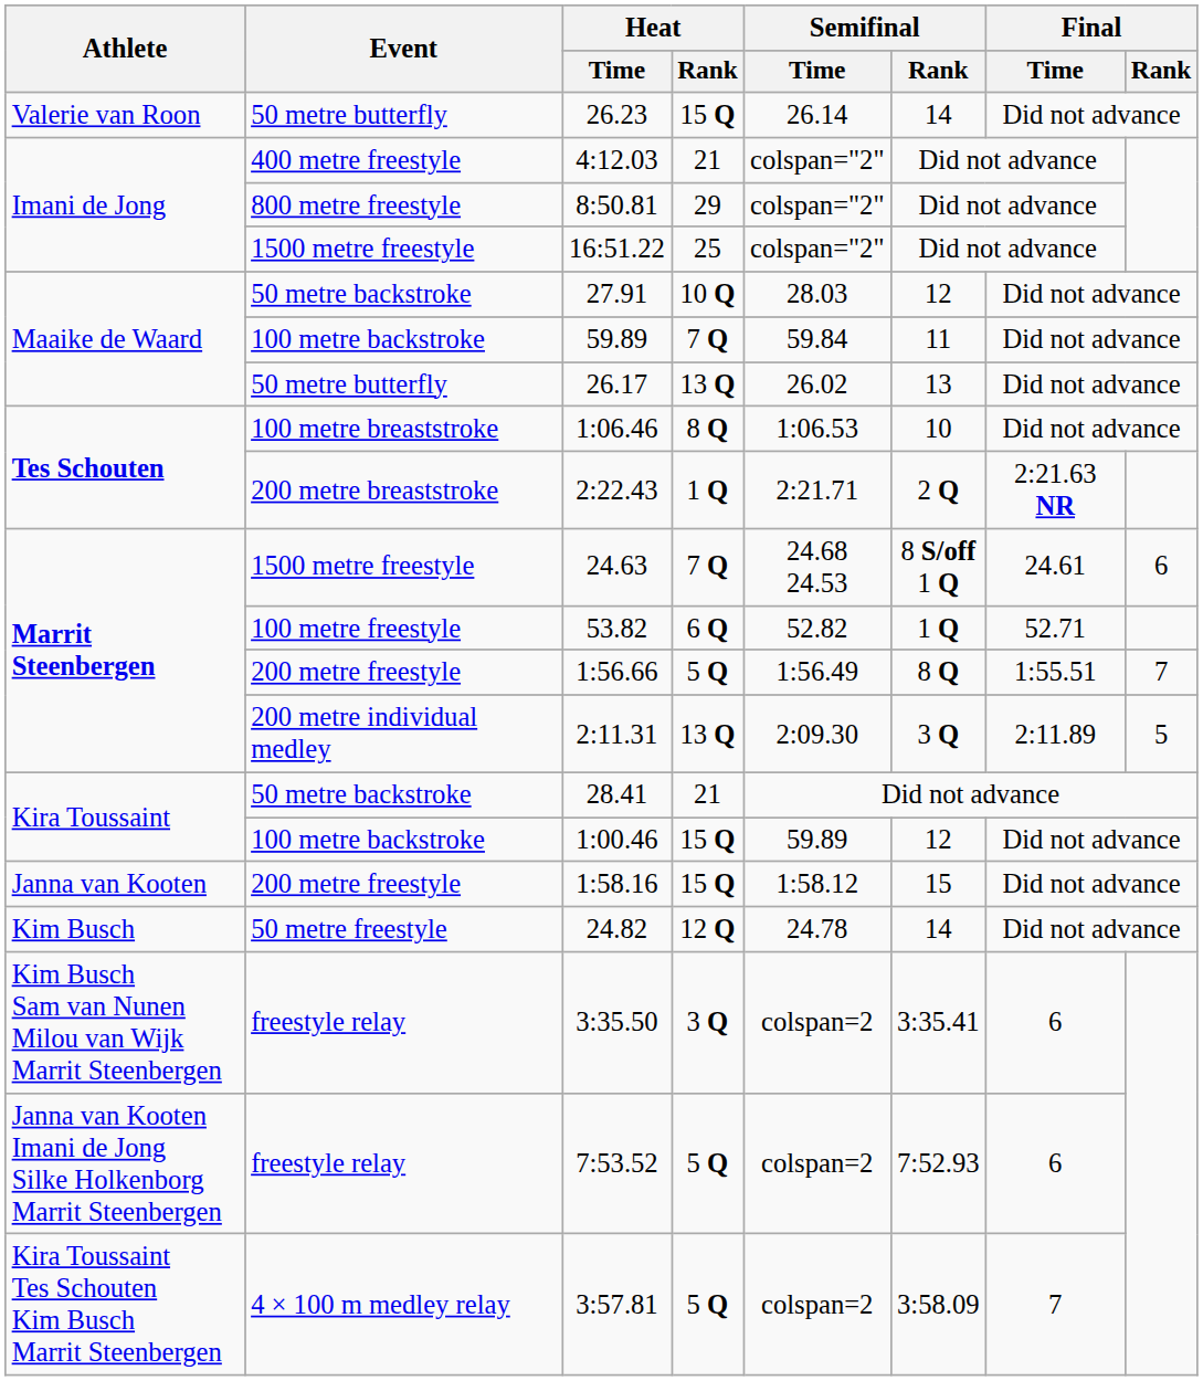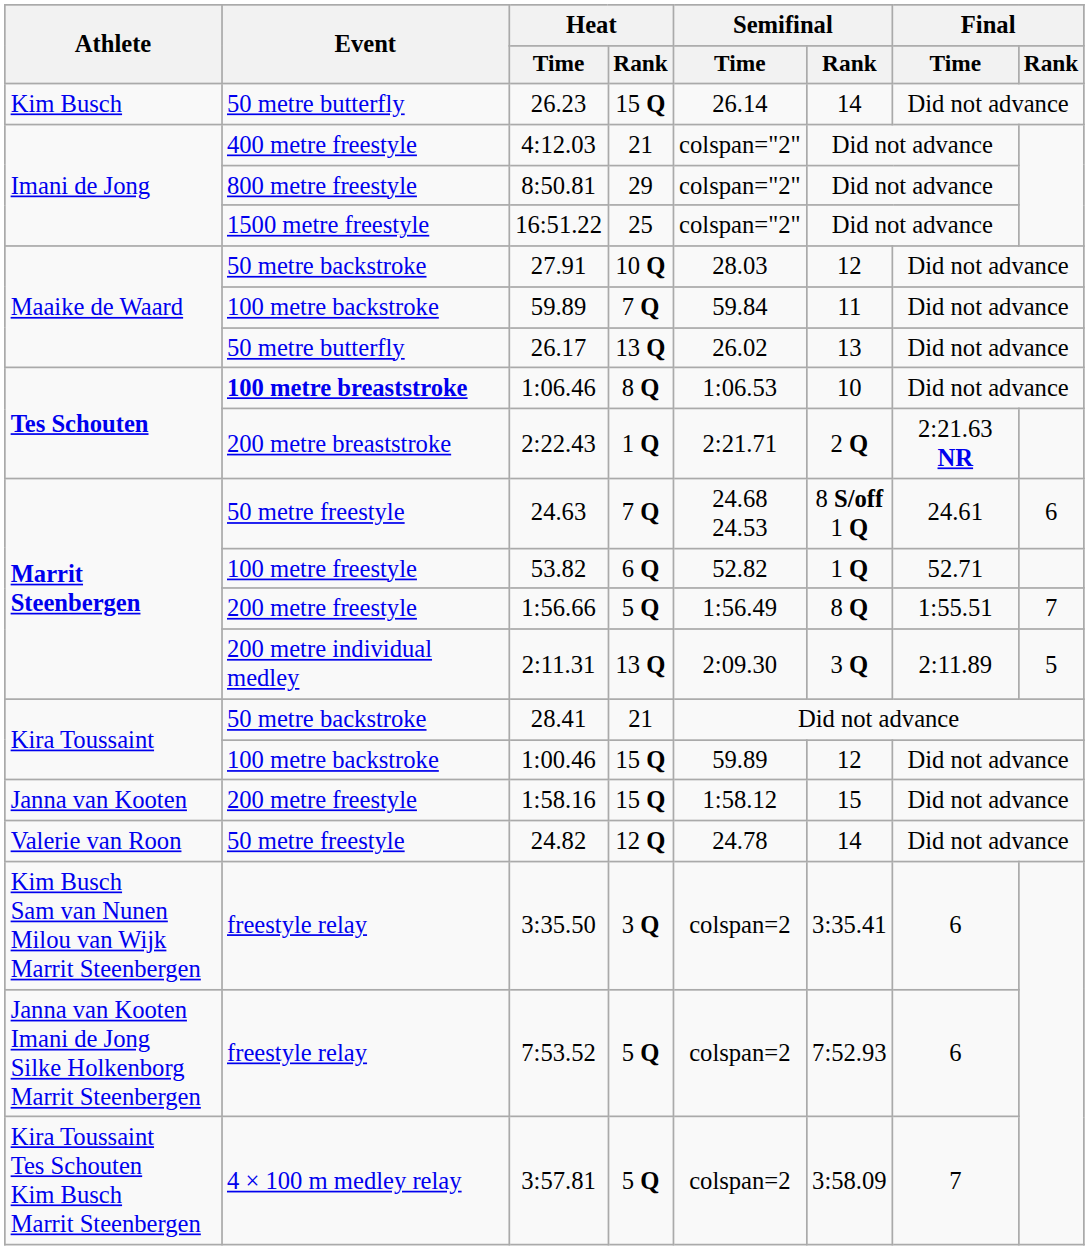 <table class="wikitable" style="text-align:center; font-size:90%; width:50%;">
 <tr>
 <th rowspan="2">Athlete</th>
 <th rowspan="2">Event</th>
 <th colspan="2">Heat</th>
 <th colspan="2">Semifinal</th>
 <th colspan="2">Final</th>
 </tr>
 <tr style="font-size:95%">
 <th>Time</th>
 <th>Rank</th>
 <th>Time</th>
 <th>Rank</th>
 <th>Time</th>
 <th>Rank</th>
 </tr>
 <tr>
-<td align=left><a href='#'>Valerie van Roon</a></td>
+<td align=left><a href='#'>Kim Busch</a></td>
 <td align=left><a href='#'>50 metre butterfly</a></td>
 <td>26.23</td>
 <td>15 <strong>Q</strong></td>
 <td>26.14</td>
 <td>14</td>
 <td colspan="2">Did not advance</td>
 </tr>
 <tr>
 <td align=left rowspan=3><a href='#'>Imani de Jong</a></td>
 <td align=left><a href='#'>400 metre freestyle</a></td>
 <td>4:12.03</td>
 <td>21</td>
 <td>colspan="2" </td>
 <td colspan="2">Did not advance</td>
 </tr>
 <tr>
 <td align=left><a href='#'>800 metre freestyle</a></td>
 <td>8:50.81</td>
 <td>29</td>
 <td>colspan="2" </td>
 <td colspan="2">Did not advance</td>
 </tr>
 <tr>
 <td align=left><a href='#'>1500 metre freestyle</a></td>
 <td>16:51.22</td>
 <td>25</td>
 <td>colspan="2" </td>
 <td colspan="2">Did not advance</td>
 </tr>
 <tr>
 <td align=left rowspan=3><a href='#'>Maaike de Waard</a></td>
 <td align=left><a href='#'>50 metre backstroke</a></td>
 <td>27.91</td>
 <td>10 <strong>Q</strong></td>
 <td>28.03</td>
 <td>12</td>
 <td colspan="2">Did not advance</td>
 </tr>
 <tr>
 <td align=left><a href='#'>100 metre backstroke</a></td>
 <td>59.89</td>
 <td>7 <strong>Q</strong></td>
 <td>59.84</td>
 <td>11</td>
 <td colspan="2">Did not advance</td>
 </tr>
 <tr>
 <td align=left><a href='#'>50 metre butterfly</a></td>
 <td>26.17</td>
 <td>13 <strong>Q</strong></td>
 <td>26.02</td>
 <td>13</td>
 <td colspan="2">Did not advance</td>
 </tr>
 <tr>
 <td align=left rowspan=2><strong><a href='#'>Tes Schouten</a></strong></td>
-<td align=left><a href='#'>100 metre breaststroke</a></td>
+<td align=left><strong><a href='#'>100 metre breaststroke</a></strong></td>
 <td>1:06.46</td>
 <td>8 <strong>Q</strong></td>
 <td>1:06.53</td>
 <td>10</td>
 <td colspan=2>Did not advance</td>
 </tr>
 <tr>
 <td align=left><a href='#'>200 metre breaststroke</a></td>
 <td>2:22.43</td>
 <td>1 <strong>Q</strong></td>
 <td>2:21.71</td>
 <td>2 <strong>Q</strong></td>
 <td>2:21.63 <strong><a href='#'>NR</a></strong></td>
 <td></td>
 </tr>
 <tr>
 <td align=left rowspan=4><strong><a href='#'>Marrit Steenbergen</a></strong></td>
-<td align=left><a href='#'>1500 metre freestyle</a></td>
+<td align=left><a href='#'>50 metre freestyle</a></td>
 <td>24.63</td>
 <td>7 <strong>Q</strong></td>
 <td>24.68<br>24.53</td>
 <td>8 <strong>S/off</strong><br>1 <strong>Q</strong></td>
 <td>24.61</td>
 <td>6</td>
 </tr>
 <tr>
 <td align=left><a href='#'>100 metre freestyle</a></td>
 <td>53.82</td>
 <td>6 <strong>Q</strong></td>
 <td>52.82</td>
 <td>1 <strong>Q</strong></td>
 <td>52.71</td>
 <td></td>
 </tr>
 <tr>
 <td align=left><a href='#'>200 metre freestyle</a></td>
 <td>1:56.66</td>
 <td>5 <strong>Q</strong></td>
 <td>1:56.49</td>
 <td>8 <strong>Q</strong></td>
 <td>1:55.51</td>
 <td>7</td>
 </tr>
 <tr>
 <td align=left><a href='#'>200 metre individual medley</a></td>
 <td>2:11.31</td>
 <td>13 <strong>Q</strong></td>
 <td>2:09.30</td>
 <td>3 <strong>Q</strong></td>
 <td>2:11.89</td>
 <td>5</td>
 </tr>
 <tr>
 <td align=left rowspan=2><a href='#'>Kira Toussaint</a></td>
 <td align=left><a href='#'>50 metre backstroke</a></td>
 <td>28.41</td>
 <td>21</td>
 <td colspan="4">Did not advance</td>
 </tr>
 <tr>
 <td align=left><a href='#'>100 metre backstroke</a></td>
 <td>1:00.46</td>
 <td>15 <strong>Q</strong></td>
 <td>59.89</td>
 <td>12</td>
 <td colspan="2">Did not advance</td>
 </tr>
 <tr>
 <td align=left><a href='#'>Janna van Kooten</a></td>
 <td align=left><a href='#'>200 metre freestyle</a></td>
 <td>1:58.16</td>
 <td>15 <strong>Q</strong></td>
 <td>1:58.12</td>
 <td>15</td>
 <td colspan="2">Did not advance</td>
 </tr>
 <tr>
-<td align=left><a href='#'>Kim Busch</a></td>
+<td align=left><a href='#'>Valerie van Roon</a></td>
 <td align=left><a href='#'>50 metre freestyle</a></td>
 <td>24.82</td>
 <td>12 <strong>Q</strong></td>
 <td>24.78</td>
 <td>14</td>
 <td colspan="2">Did not advance</td>
 </tr>
 <tr align=center>
 <td align=left><a href='#'>Kim Busch</a><br> <a href='#'>Sam van Nunen</a><br> <a href='#'>Milou van Wijk</a><br> <a href='#'>Marrit Steenbergen</a></td>
 <td align=left><a href='#'> freestyle relay</a></td>
 <td>3:35.50</td>
 <td>3 <strong>Q</strong></td>
 <td>colspan=2 </td>
 <td>3:35.41</td>
 <td>6</td>
 </tr>
 <tr>
 <td align=left><a href='#'>Janna van Kooten</a> <br><a href='#'>Imani de Jong</a> <br><a href='#'>Silke Holkenborg</a> <br><a href='#'>Marrit Steenbergen</a></td>
 <td align=left><a href='#'> freestyle relay</a></td>
 <td>7:53.52</td>
 <td>5 <strong>Q</strong></td>
 <td>colspan=2 </td>
 <td>7:52.93</td>
 <td>6</td>
 </tr>
 <tr>
 <td align=left><a href='#'>Kira Toussaint</a> <br><a href='#'>Tes Schouten</a> <br><a href='#'>Kim Busch</a> <br><a href='#'>Marrit Steenbergen</a></td>
 <td align=left><a href='#'>4 × 100 m medley relay</a></td>
 <td>3:57.81</td>
 <td>5 <strong>Q</strong></td>
 <td>colspan=2 </td>
 <td>3:58.09</td>
 <td>7</td>
 </tr>
 </table>
